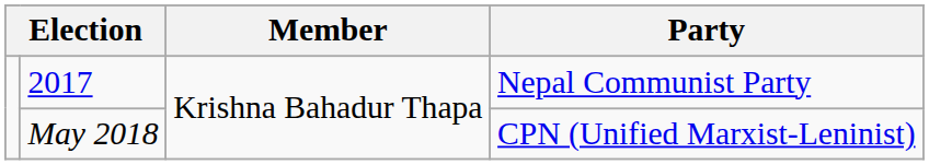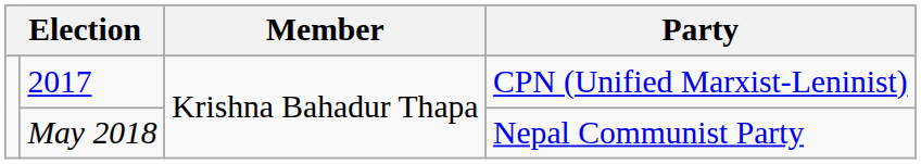 <table class="wikitable">
 <tr>
 <th colspan="2">Election</th>
 <th>Member</th>
 <th>Party</th>
 </tr>
 <tr>
 <td rowspan="2" style="background-color:"></td>
 <td><a href='#'>2017</a></td>
 <td rowspan="2">Krishna Bahadur Thapa</td>
-<td><a href='#'>Nepal Communist Party</a></td>
+<td><a href='#'>CPN (Unified Marxist-Leninist)</a></td>
 </tr>
 <tr>
 <td><em>May 2018</em></td>
-<td><a href='#'>CPN (Unified Marxist-Leninist)</a></td>
+<td><a href='#'>Nepal Communist Party</a></td>
 </tr>
 </table>
